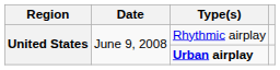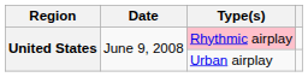 <table class="wikitable plainrowheaders">
 <tr>
 <th scope="col">Region</th>
 <th scope="col">Date</th>
 <th scope="col">Type(s)</th>
 <th scope="col"></th>
 </tr>
 <tr>
 <th scope="row" rowspan="2">United States</th>
 <td rowspan="2">June 9, 2008</td>
-<td><a href='#'>Rhythmic</a> airplay</td>
+<td style="background: pink;"><a href='#'>Rhythmic</a> airplay</td>
 <td align="center"></td>
 </tr>
 <tr>
-<td><strong><a href='#'>Urban</a> airplay</strong></td>
+<td><a href='#'>Urban</a> airplay</td>
 <td align="center"></td>
 </tr>
 </table>
